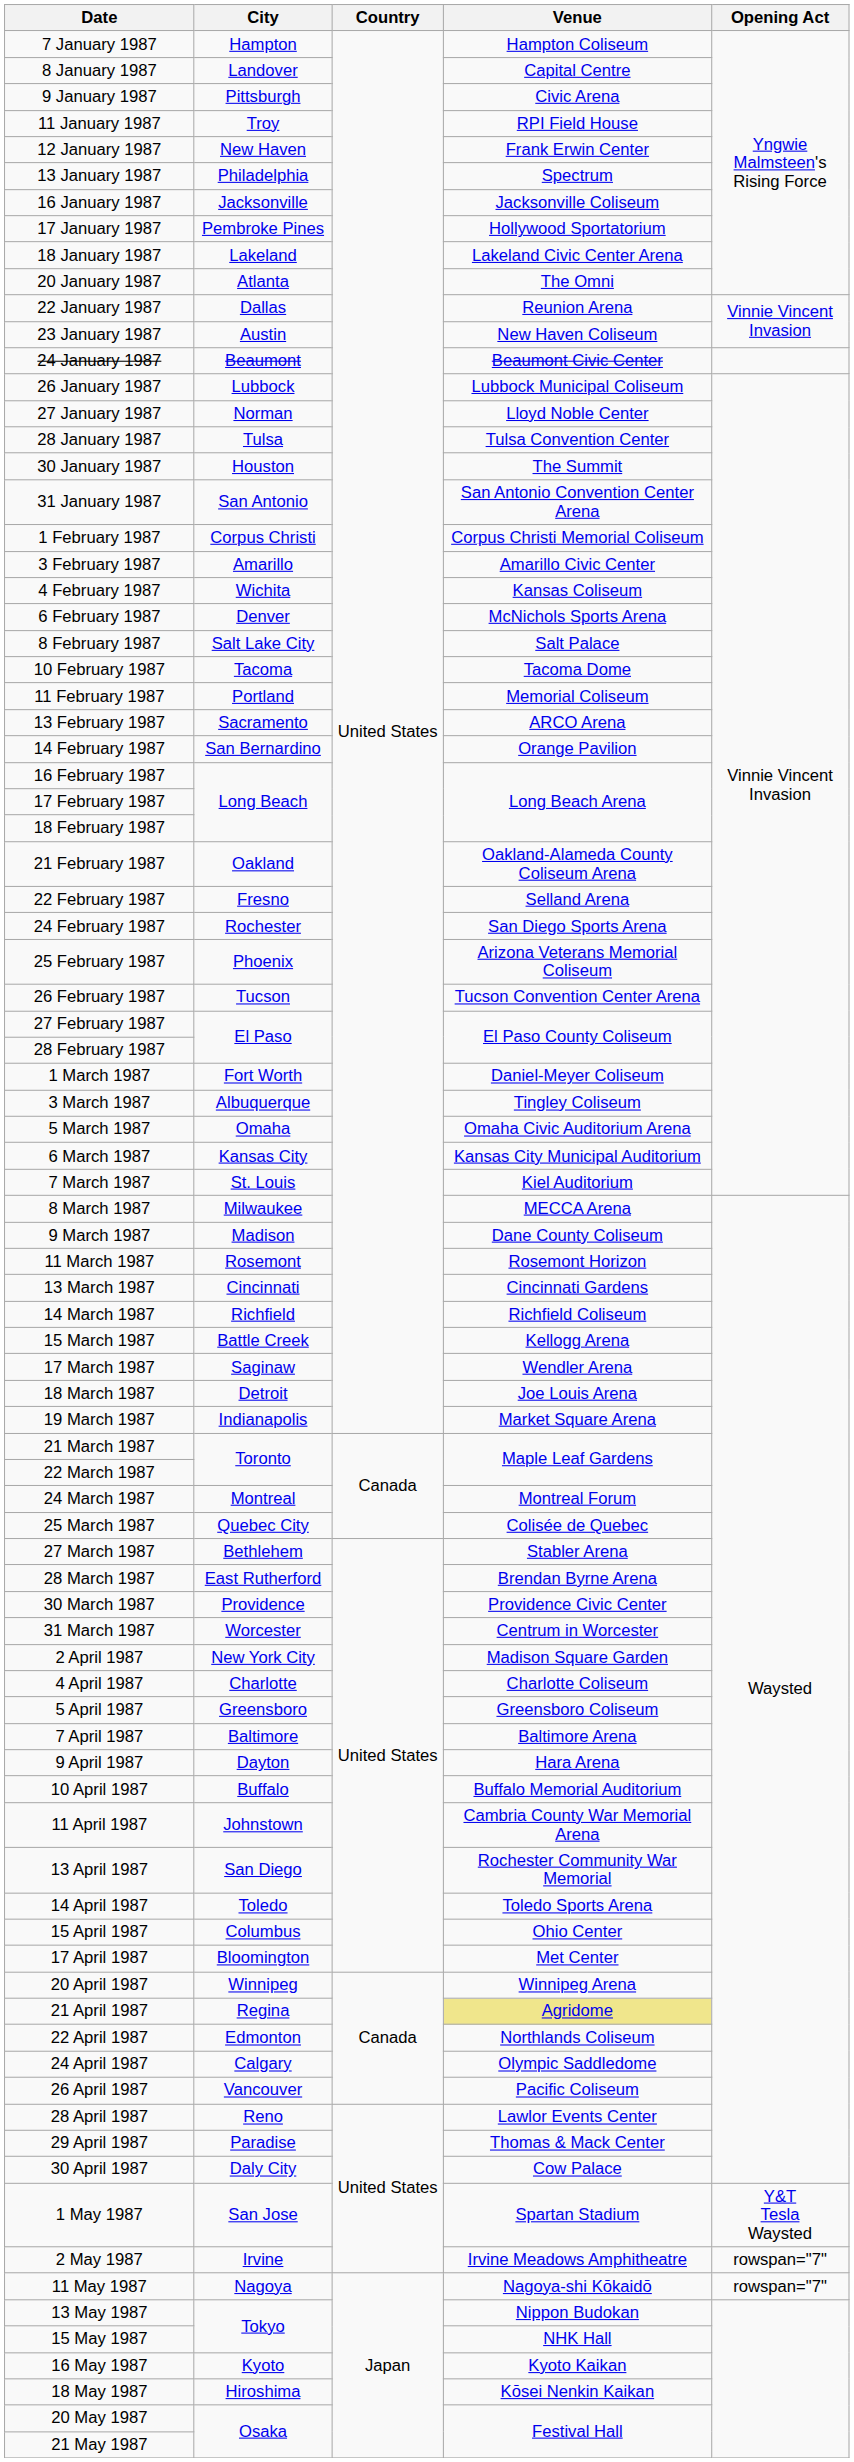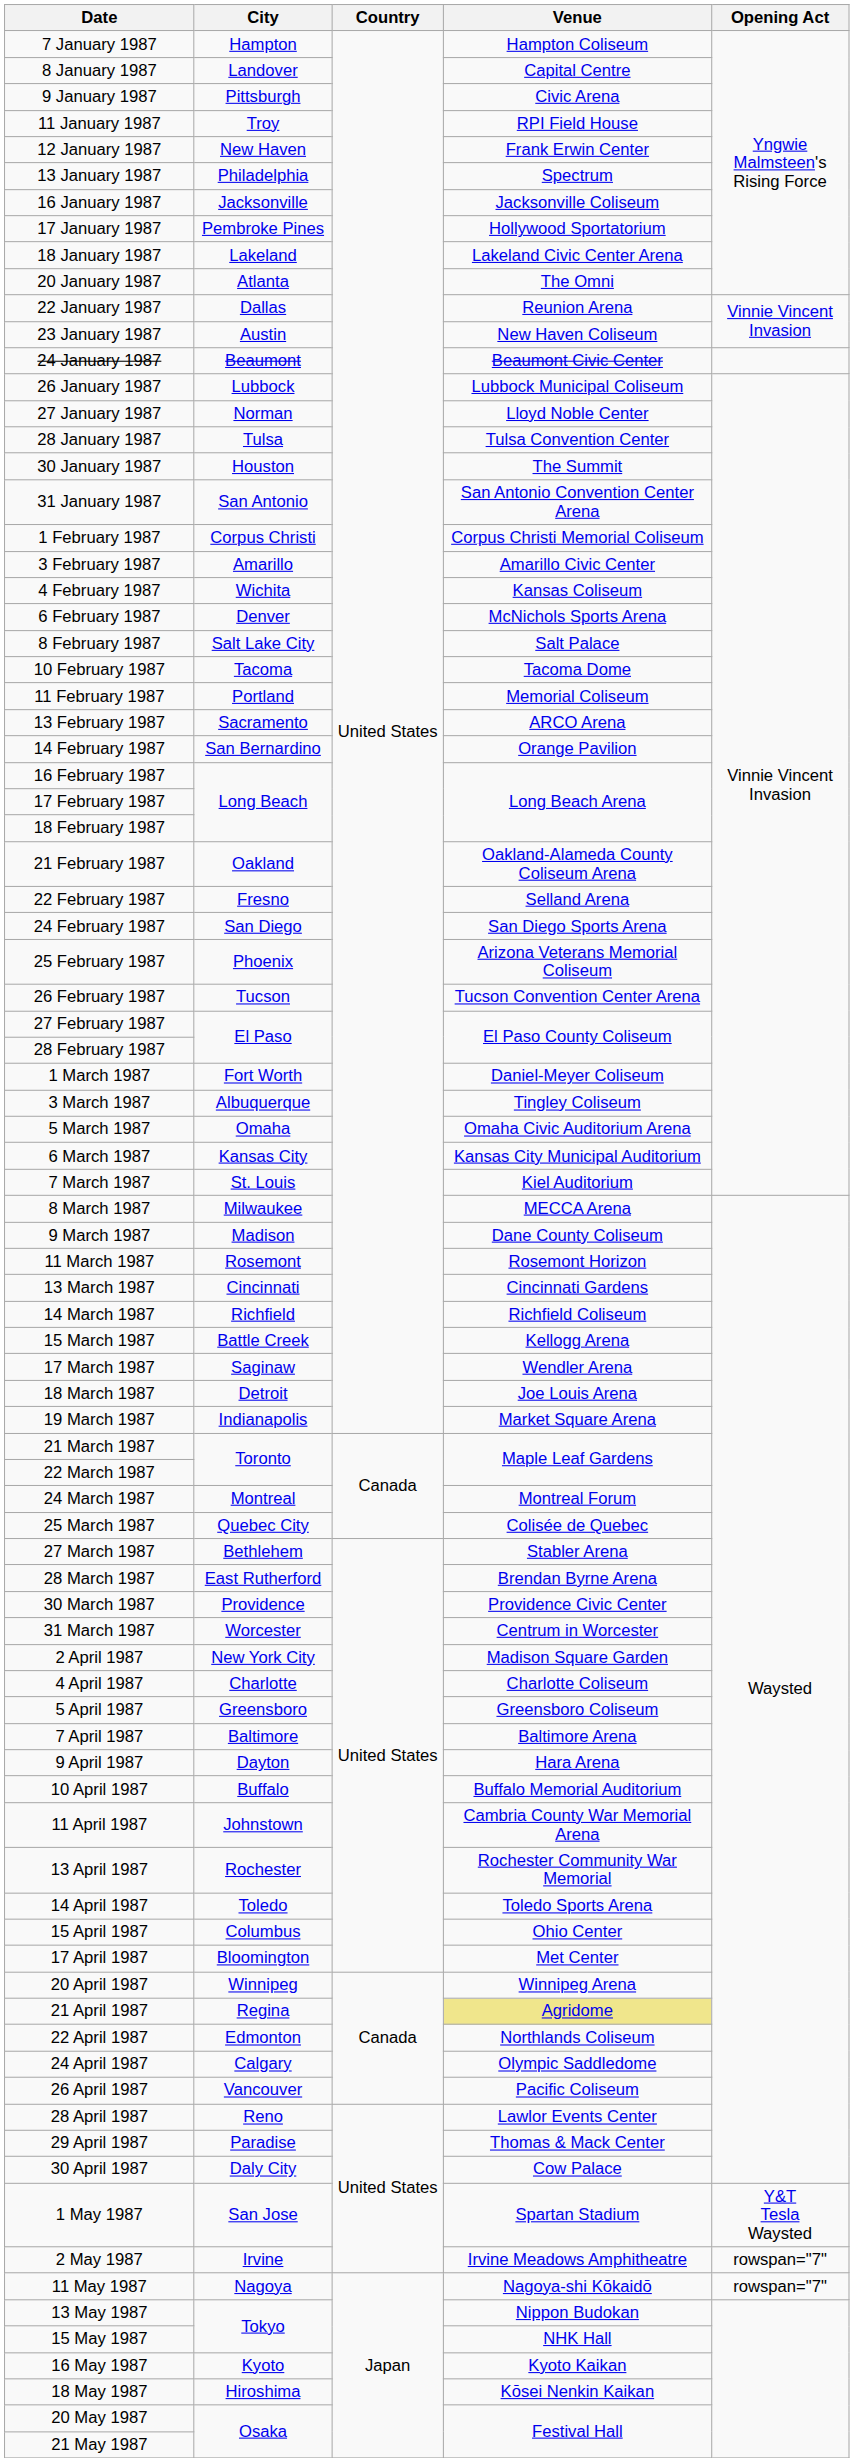 <table class="wikitable" style="text-align:center;">
 <tr>
 <th width="175">Date</th>
 <th width="125">City</th>
 <th width="100">Country</th>
 <th width="250">Venue</th>
 <th width="125">Opening Act</th>
 </tr>
 <tr>
 <td>7 January 1987</td>
 <td><a href='#'>Hampton</a></td>
 <td rowspan="51">United States</td>
 <td><a href='#'>Hampton Coliseum</a></td>
 <td rowspan="10"><a href='#'>Yngwie Malmsteen</a>'s Rising Force</td>
 </tr>
 <tr>
 <td>8 January 1987</td>
 <td><a href='#'>Landover</a></td>
 <td><a href='#'>Capital Centre</a></td>
 </tr>
 <tr>
 <td>9 January 1987</td>
 <td><a href='#'>Pittsburgh</a></td>
 <td><a href='#'>Civic Arena</a></td>
 </tr>
 <tr>
 <td>11 January 1987</td>
 <td><a href='#'>Troy</a></td>
 <td><a href='#'>RPI Field House</a></td>
 </tr>
 <tr>
 <td>12 January 1987</td>
 <td><a href='#'>New Haven</a></td>
 <td><a href='#'>Frank Erwin Center</a></td>
 </tr>
 <tr>
 <td>13 January 1987</td>
 <td><a href='#'>Philadelphia</a></td>
 <td><a href='#'>Spectrum</a></td>
 </tr>
 <tr>
 <td>16 January 1987</td>
 <td><a href='#'>Jacksonville</a></td>
 <td><a href='#'>Jacksonville Coliseum</a></td>
 </tr>
 <tr>
 <td>17 January 1987</td>
 <td><a href='#'>Pembroke Pines</a></td>
 <td><a href='#'>Hollywood Sportatorium</a></td>
 </tr>
 <tr>
 <td>18 January 1987</td>
 <td><a href='#'>Lakeland</a></td>
 <td><a href='#'>Lakeland Civic Center Arena</a></td>
 </tr>
 <tr>
 <td>20 January 1987</td>
 <td><a href='#'>Atlanta</a></td>
 <td><a href='#'>The Omni</a></td>
 </tr>
 <tr>
 <td>22 January 1987</td>
 <td><a href='#'>Dallas</a></td>
 <td><a href='#'>Reunion Arena</a></td>
 <td rowspan="2"><a href='#'>Vinnie Vincent Invasion</a></td>
 </tr>
 <tr>
 <td>23 January 1987</td>
 <td><a href='#'>Austin</a></td>
 <td><a href='#'>New Haven Coliseum</a></td>
 </tr>
 <tr>
 <td><s>24 January 1987</s></td>
 <td><a href='#'><s>Beaumont</s></a></td>
 <td><a href='#'><s>Beaumont Civic Center</s></a></td>
 <td></td>
 </tr>
 <tr>
 <td>26 January 1987</td>
 <td><a href='#'>Lubbock</a></td>
 <td><a href='#'>Lubbock Municipal Coliseum</a></td>
 <td rowspan="29">Vinnie Vincent Invasion</td>
 </tr>
 <tr>
 <td>27 January 1987</td>
 <td><a href='#'>Norman</a></td>
 <td><a href='#'>Lloyd Noble Center</a></td>
 </tr>
 <tr>
 <td>28 January 1987</td>
 <td><a href='#'>Tulsa</a></td>
 <td><a href='#'>Tulsa Convention Center</a></td>
 </tr>
 <tr>
 <td>30 January 1987</td>
 <td><a href='#'>Houston</a></td>
 <td><a href='#'>The Summit</a></td>
 </tr>
 <tr>
 <td>31 January 1987</td>
 <td><a href='#'>San Antonio</a></td>
 <td><a href='#'>San Antonio Convention Center Arena</a></td>
 </tr>
 <tr>
 <td>1 February 1987</td>
 <td><a href='#'>Corpus Christi</a></td>
 <td><a href='#'>Corpus Christi Memorial Coliseum</a></td>
 </tr>
 <tr>
 <td>3 February 1987</td>
 <td><a href='#'>Amarillo</a></td>
 <td><a href='#'>Amarillo Civic Center</a></td>
 </tr>
 <tr>
 <td>4 February 1987</td>
 <td><a href='#'>Wichita</a></td>
 <td><a href='#'>Kansas Coliseum</a></td>
 </tr>
 <tr>
 <td>6 February 1987</td>
 <td><a href='#'>Denver</a></td>
 <td><a href='#'>McNichols Sports Arena</a></td>
 </tr>
 <tr>
 <td>8 February 1987</td>
 <td><a href='#'>Salt Lake City</a></td>
 <td><a href='#'>Salt Palace</a></td>
 </tr>
 <tr>
 <td>10 February 1987</td>
 <td><a href='#'>Tacoma</a></td>
 <td><a href='#'>Tacoma Dome</a></td>
 </tr>
 <tr>
 <td>11 February 1987</td>
 <td><a href='#'>Portland</a></td>
 <td><a href='#'>Memorial Coliseum</a></td>
 </tr>
 <tr>
 <td>13 February 1987</td>
 <td><a href='#'>Sacramento</a></td>
 <td><a href='#'>ARCO Arena</a></td>
 </tr>
 <tr>
 <td>14 February 1987</td>
 <td><a href='#'>San Bernardino</a></td>
 <td><a href='#'>Orange Pavilion</a></td>
 </tr>
 <tr>
 <td>16 February 1987</td>
 <td rowspan="3"><a href='#'>Long Beach</a></td>
 <td rowspan="3"><a href='#'>Long Beach Arena</a></td>
 </tr>
 <tr>
 <td>17 February 1987</td>
 </tr>
 <tr>
 <td>18 February 1987</td>
 </tr>
 <tr>
 <td>21 February 1987</td>
 <td><a href='#'>Oakland</a></td>
 <td><a href='#'>Oakland-Alameda County Coliseum Arena</a></td>
 </tr>
 <tr>
 <td>22 February 1987</td>
 <td><a href='#'>Fresno</a></td>
 <td><a href='#'>Selland Arena</a></td>
 </tr>
 <tr>
 <td>24 February 1987</td>
-<td><a href='#'>Rochester</a></td>
+<td><a href='#'>San Diego</a></td>
 <td><a href='#'>San Diego Sports Arena</a></td>
 </tr>
 <tr>
 <td>25 February 1987</td>
 <td><a href='#'>Phoenix</a></td>
 <td><a href='#'>Arizona Veterans Memorial Coliseum</a></td>
 </tr>
 <tr>
 <td>26 February 1987</td>
 <td><a href='#'>Tucson</a></td>
 <td><a href='#'>Tucson Convention Center Arena</a></td>
 </tr>
 <tr>
 <td>27 February 1987</td>
 <td rowspan="2"><a href='#'>El Paso</a></td>
 <td rowspan="2"><a href='#'>El Paso County Coliseum</a></td>
 </tr>
 <tr>
 <td>28 February 1987</td>
 </tr>
 <tr>
 <td>1 March 1987</td>
 <td><a href='#'>Fort Worth</a></td>
 <td><a href='#'>Daniel-Meyer Coliseum</a></td>
 </tr>
 <tr>
 <td>3 March 1987</td>
 <td><a href='#'>Albuquerque</a></td>
 <td><a href='#'>Tingley Coliseum</a></td>
 </tr>
 <tr>
 <td>5 March 1987</td>
 <td><a href='#'>Omaha</a></td>
 <td><a href='#'>Omaha Civic Auditorium Arena</a></td>
 </tr>
 <tr>
 <td>6 March 1987</td>
 <td><a href='#'>Kansas City</a></td>
 <td><a href='#'>Kansas City Municipal Auditorium</a></td>
 </tr>
 <tr>
 <td>7 March 1987</td>
 <td><a href='#'>St. Louis</a></td>
 <td><a href='#'>Kiel Auditorium</a></td>
 </tr>
 <tr>
 <td>8 March 1987</td>
 <td><a href='#'>Milwaukee</a></td>
 <td><a href='#'>MECCA Arena</a></td>
 <td rowspan="36">Waysted</td>
 </tr>
 <tr>
 <td>9 March 1987</td>
 <td><a href='#'>Madison</a></td>
 <td><a href='#'>Dane County Coliseum</a></td>
 </tr>
 <tr>
 <td>11 March 1987</td>
 <td><a href='#'>Rosemont</a></td>
 <td><a href='#'>Rosemont Horizon</a></td>
 </tr>
 <tr>
 <td>13 March 1987</td>
 <td><a href='#'>Cincinnati</a></td>
 <td><a href='#'>Cincinnati Gardens</a></td>
 </tr>
 <tr>
 <td>14 March 1987</td>
 <td><a href='#'>Richfield</a></td>
 <td><a href='#'>Richfield Coliseum</a></td>
 </tr>
 <tr>
 <td>15 March 1987</td>
 <td><a href='#'>Battle Creek</a></td>
 <td><a href='#'>Kellogg Arena</a></td>
 </tr>
 <tr>
 <td>17 March 1987</td>
 <td><a href='#'>Saginaw</a></td>
 <td><a href='#'>Wendler Arena</a></td>
 </tr>
 <tr>
 <td>18 March 1987</td>
 <td><a href='#'>Detroit</a></td>
 <td><a href='#'>Joe Louis Arena</a></td>
 </tr>
 <tr>
 <td>19 March 1987</td>
 <td><a href='#'>Indianapolis</a></td>
 <td><a href='#'>Market Square Arena</a></td>
 </tr>
 <tr>
 <td>21 March 1987</td>
 <td rowspan="2"><a href='#'>Toronto</a></td>
 <td rowspan="4">Canada</td>
 <td rowspan="2"><a href='#'>Maple Leaf Gardens</a></td>
 </tr>
 <tr>
 <td>22 March 1987</td>
 </tr>
 <tr>
 <td>24 March 1987</td>
 <td><a href='#'>Montreal</a></td>
 <td><a href='#'>Montreal Forum</a></td>
 </tr>
 <tr>
 <td>25 March 1987</td>
 <td><a href='#'>Quebec City</a></td>
 <td><a href='#'>Colisée de Quebec</a></td>
 </tr>
 <tr>
 <td>27 March 1987</td>
 <td><a href='#'>Bethlehem</a></td>
 <td rowspan="15">United States</td>
 <td><a href='#'>Stabler Arena</a></td>
 </tr>
 <tr>
 <td>28 March 1987</td>
 <td><a href='#'>East Rutherford</a></td>
 <td><a href='#'>Brendan Byrne Arena</a></td>
 </tr>
 <tr>
 <td>30 March 1987</td>
 <td><a href='#'>Providence</a></td>
 <td><a href='#'>Providence Civic Center</a></td>
 </tr>
 <tr>
 <td>31 March 1987</td>
 <td><a href='#'>Worcester</a></td>
 <td><a href='#'>Centrum in Worcester</a></td>
 </tr>
 <tr>
 <td>2 April 1987</td>
 <td><a href='#'>New York City</a></td>
 <td><a href='#'>Madison Square Garden</a></td>
 </tr>
 <tr>
 <td>4 April 1987</td>
 <td><a href='#'>Charlotte</a></td>
 <td><a href='#'>Charlotte Coliseum</a></td>
 </tr>
 <tr>
 <td>5 April 1987</td>
 <td><a href='#'>Greensboro</a></td>
 <td><a href='#'>Greensboro Coliseum</a></td>
 </tr>
 <tr>
 <td>7 April 1987</td>
 <td><a href='#'>Baltimore</a></td>
 <td><a href='#'>Baltimore Arena</a></td>
 </tr>
 <tr>
 <td>9 April 1987</td>
 <td><a href='#'>Dayton</a></td>
 <td><a href='#'>Hara Arena</a></td>
 </tr>
 <tr>
 <td>10 April 1987</td>
 <td><a href='#'>Buffalo</a></td>
 <td><a href='#'>Buffalo Memorial Auditorium</a></td>
 </tr>
 <tr>
 <td>11 April 1987</td>
 <td><a href='#'>Johnstown</a></td>
 <td><a href='#'>Cambria County War Memorial Arena</a></td>
 </tr>
 <tr>
 <td>13 April 1987</td>
-<td><a href='#'>San Diego</a></td>
+<td><a href='#'>Rochester</a></td>
 <td><a href='#'>Rochester Community War Memorial</a></td>
 </tr>
 <tr>
 <td>14 April 1987</td>
 <td><a href='#'>Toledo</a></td>
 <td><a href='#'>Toledo Sports Arena</a></td>
 </tr>
 <tr>
 <td>15 April 1987</td>
 <td><a href='#'>Columbus</a></td>
 <td><a href='#'>Ohio Center</a></td>
 </tr>
 <tr>
 <td>17 April 1987</td>
 <td><a href='#'>Bloomington</a></td>
 <td><a href='#'>Met Center</a></td>
 </tr>
 <tr>
 <td>20 April 1987</td>
 <td><a href='#'>Winnipeg</a></td>
 <td rowspan="5">Canada</td>
 <td><a href='#'>Winnipeg Arena</a></td>
 </tr>
 <tr>
 <td>21 April 1987</td>
 <td><a href='#'>Regina</a></td>
 <td style="background: khaki;"><a href='#'>Agridome</a></td>
 </tr>
 <tr>
 <td>22 April 1987</td>
 <td><a href='#'>Edmonton</a></td>
 <td><a href='#'>Northlands Coliseum</a></td>
 </tr>
 <tr>
 <td>24 April 1987</td>
 <td><a href='#'>Calgary</a></td>
 <td><a href='#'>Olympic Saddledome</a></td>
 </tr>
 <tr>
 <td>26 April 1987</td>
 <td><a href='#'>Vancouver</a></td>
 <td><a href='#'>Pacific Coliseum</a></td>
 </tr>
 <tr>
 <td>28 April 1987</td>
 <td><a href='#'>Reno</a></td>
 <td rowspan="5">United States</td>
 <td><a href='#'>Lawlor Events Center</a></td>
 </tr>
 <tr>
 <td>29 April 1987</td>
 <td><a href='#'>Paradise</a></td>
 <td><a href='#'>Thomas & Mack Center</a></td>
 </tr>
 <tr>
 <td>30 April 1987</td>
 <td><a href='#'>Daly City</a></td>
 <td><a href='#'>Cow Palace</a></td>
 </tr>
 <tr>
 <td>1 May 1987</td>
 <td><a href='#'>San Jose</a></td>
 <td><a href='#'>Spartan Stadium</a></td>
 <td><a href='#'>Y&T</a><br><a href='#'>Tesla</a><br>Waysted</td>
 </tr>
 <tr>
 <td>2 May 1987</td>
 <td><a href='#'>Irvine</a></td>
 <td><a href='#'>Irvine Meadows Amphitheatre</a></td>
 <td>rowspan="7" </td>
 </tr>
 <tr>
 <td>11 May 1987</td>
 <td><a href='#'>Nagoya</a></td>
 <td rowspan="7">Japan</td>
 <td><a href='#'>Nagoya-shi Kōkaidō</a></td>
 <td>rowspan="7" </td>
 </tr>
 <tr>
 <td>13 May 1987</td>
 <td rowspan="2"><a href='#'>Tokyo</a></td>
 <td><a href='#'>Nippon Budokan</a></td>
 </tr>
 <tr>
 <td>15 May 1987</td>
 <td><a href='#'>NHK Hall</a></td>
 </tr>
 <tr>
 <td>16 May 1987</td>
 <td><a href='#'>Kyoto</a></td>
 <td><a href='#'>Kyoto Kaikan</a></td>
 </tr>
 <tr>
 <td>18 May 1987</td>
 <td><a href='#'>Hiroshima</a></td>
 <td><a href='#'>Kōsei Nenkin Kaikan</a></td>
 </tr>
 <tr>
 <td>20 May 1987</td>
 <td rowspan="2"><a href='#'>Osaka</a></td>
 <td rowspan="2"><a href='#'>Festival Hall</a></td>
 </tr>
 <tr>
 <td>21 May 1987</td>
 </tr>
 </table>
